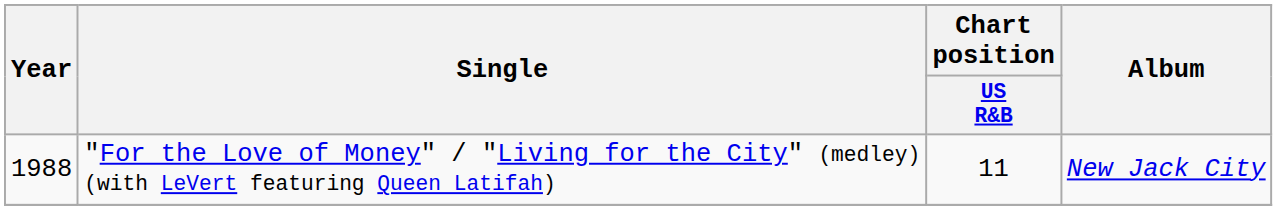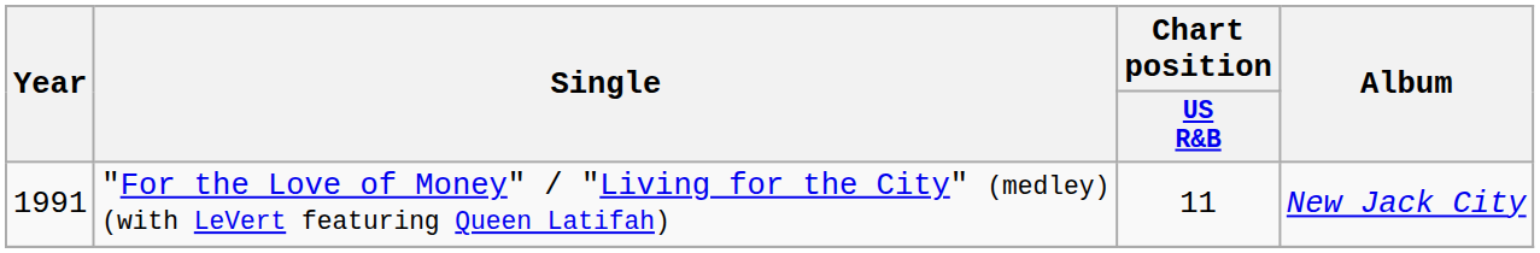 <table class="wikitable" style="text-align:center;">
 <tr>
 <th rowspan="2">Year</th>
 <th rowspan="2">Single</th>
 <th colspan="1">Chart position</th>
 <th rowspan="2">Album</th>
 </tr>
 <tr style="font-size:smaller;">
 <th width="35"><a href='#'>US<br>R&B</a></th>
 </tr>
 <tr s>
-<td rowspan="1">1988</td>
+<td rowspan="1">1991</td>
 <td align="left">"<a href='#'>For the Love of Money</a>" / "<a href='#'>Living for the City</a>" <small>(medley)</small> <br><small>(with <a href='#'>LeVert</a> featuring <a href='#'>Queen Latifah</a>)</small></td>
 <td>11</td>
 <td align="left" rowspan="1"><em><a href='#'>New Jack City</a></em></td>
 </tr>
 <tr>
 </tr>
 </table>
